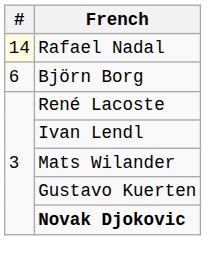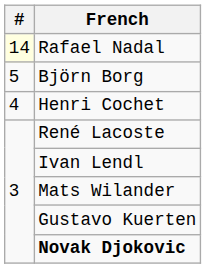 <table class=wikitable style="display:inline-table;">
 <tr>
 <th>#</th>
 <th>French</th>
 </tr>
 <tr>
 <td style="background: lightyellow;">14</td>
 <td> Rafael Nadal</td>
 </tr>
 <tr>
-<td>6</td>
+<td>5</td>
 <td> Björn Borg</td>
+</tr>
+<tr>
+<td>4</td>
+<td> Henri Cochet</td>
 </tr>
 <tr>
 <td rowspan="5">3</td>
 <td> René Lacoste</td>
 </tr>
 <tr>
 <td> Ivan Lendl</td>
 </tr>
 <tr>
 <td> Mats Wilander</td>
 </tr>
 <tr>
 <td> Gustavo Kuerten</td>
 </tr>
 <tr>
 <td> <strong>Novak Djokovic</strong></td>
 </tr>
 </table>
